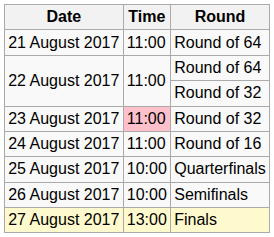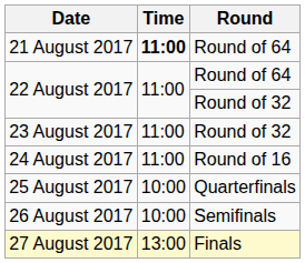 <table class="wikitable">
 <tr>
 <th>Date</th>
 <th>Time</th>
 <th>Round</th>
 </tr>
 <tr>
 <td>21 August 2017</td>
-<td>11:00</td>
+<td><strong>11:00</strong></td>
 <td>Round of 64</td>
 </tr>
 <tr>
 <td rowspan=2>22 August 2017</td>
 <td rowspan=2>11:00</td>
 <td>Round of 64</td>
 </tr>
 <tr>
 <td>Round of 32</td>
 </tr>
 <tr>
 <td>23 August 2017</td>
-<td style="background: pink;">11:00</td>
+<td>11:00</td>
 <td>Round of 32</td>
 </tr>
 <tr>
 <td>24 August 2017</td>
 <td>11:00</td>
 <td>Round of 16</td>
 </tr>
 <tr>
 <td>25 August 2017</td>
 <td>10:00</td>
 <td>Quarterfinals</td>
 </tr>
 <tr>
 <td>26 August 2017</td>
 <td>10:00</td>
 <td>Semifinals</td>
 </tr>
 <tr bgcolor=lemonchiffon>
 <td>27 August 2017</td>
 <td>13:00</td>
 <td>Finals</td>
 </tr>
 </table>
